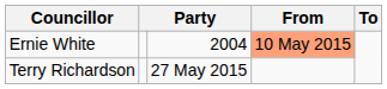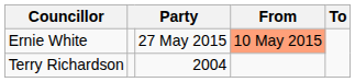 <table class=wikitable>
 <tr>
 <th>Councillor</th>
 <th colspan=2>Party</th>
 <th>From</th>
 <th>To</th>
 </tr>
 <tr>
 <td>Ernie White</td>
 <td></td>
-<td align=right>2004</td>
+<td align=right>27 May 2015</td>
 <td align=right style="background: lightsalmon;">10 May 2015</td>
 </tr>
 <tr>
 <td>Terry Richardson</td>
 <td></td>
-<td align=right>27 May 2015</td>
+<td align=right>2004</td>
 <td align=right></td>
 </tr>
 </table>
